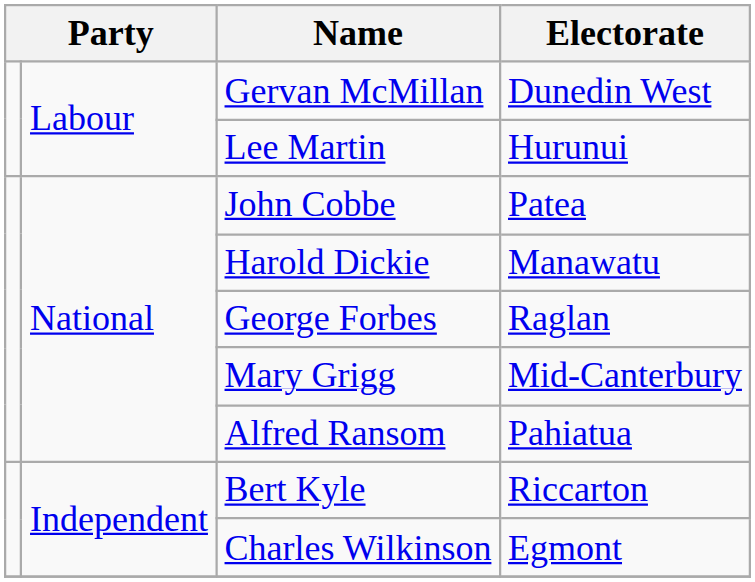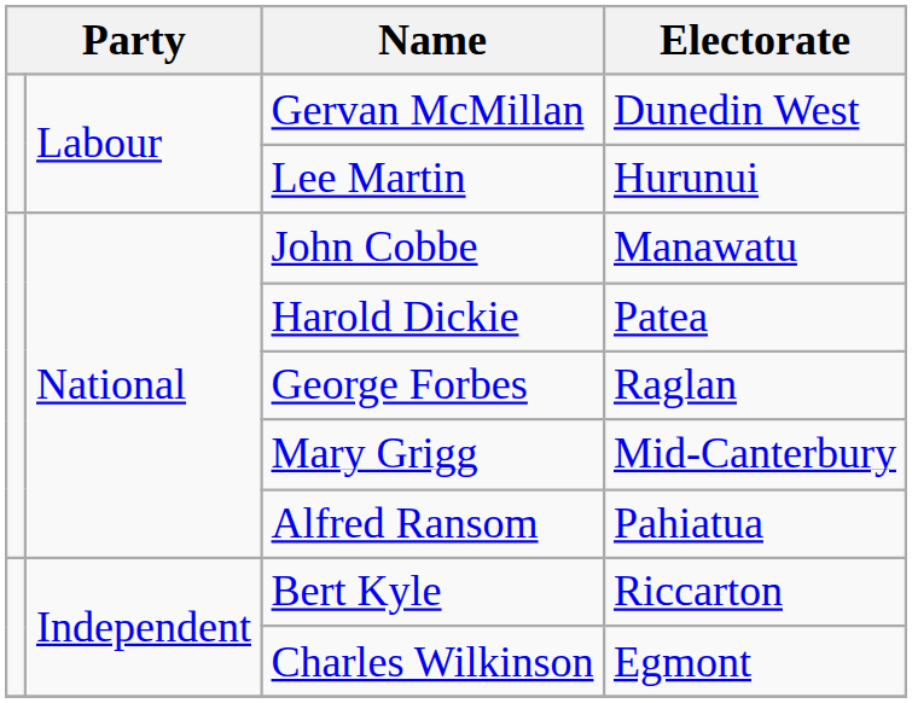 <table class="wikitable">
 <tr>
 <th colspan=2>Party</th>
 <th>Name</th>
 <th>Electorate</th>
 </tr>
 <tr>
 <td rowspan=2 style="background-color: "></td>
 <td rowspan=2><a href='#'>Labour</a></td>
 <td><a href='#'>Gervan McMillan</a></td>
 <td><a href='#'>Dunedin West</a></td>
 </tr>
 <tr>
 <td><a href='#'>Lee Martin</a></td>
 <td><a href='#'>Hurunui</a></td>
 </tr>
 <tr>
 <td rowspan=5 style="background-color: "></td>
 <td rowspan=5><a href='#'>National</a></td>
 <td><a href='#'>John Cobbe</a></td>
-<td><a href='#'>Patea</a></td>
+<td><a href='#'>Manawatu</a></td>
 </tr>
 <tr>
 <td><a href='#'>Harold Dickie</a></td>
-<td><a href='#'>Manawatu</a></td>
+<td><a href='#'>Patea</a></td>
 </tr>
 <tr>
 <td><a href='#'>George Forbes</a></td>
 <td><a href='#'>Raglan</a></td>
 </tr>
 <tr>
 <td><a href='#'>Mary Grigg</a></td>
 <td><a href='#'>Mid-Canterbury</a></td>
 </tr>
 <tr>
 <td><a href='#'>Alfred Ransom</a></td>
 <td><a href='#'>Pahiatua</a></td>
 </tr>
 <tr>
 <td rowspan=2 style="background-color: "></td>
 <td rowspan=2><a href='#'>Independent</a></td>
 <td><a href='#'>Bert Kyle</a></td>
 <td><a href='#'>Riccarton</a></td>
 </tr>
 <tr>
 <td><a href='#'>Charles Wilkinson</a></td>
 <td><a href='#'>Egmont</a></td>
 </tr>
 <tr>
 </tr>
 </table>
